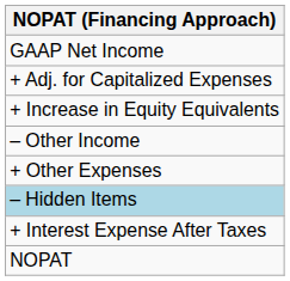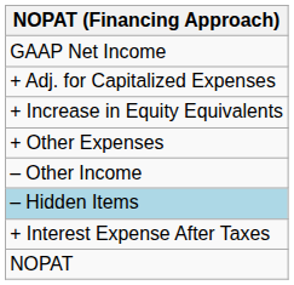 <table class="wikitable">
 <tr>
 <th>NOPAT (Financing Approach)</th>
 </tr>
 <tr>
 <td>GAAP Net Income</td>
 </tr>
 <tr>
 <td>+ Adj. for Capitalized Expenses</td>
 </tr>
 <tr>
 <td>+ Increase in Equity Equivalents</td>
 </tr>
 <tr>
-<td>– Other Income</td>
+<td>+ Other Expenses</td>
 </tr>
 <tr>
-<td>+ Other Expenses</td>
+<td>– Other Income</td>
 </tr>
 <tr>
 <td style="background: lightblue;">– Hidden Items</td>
 </tr>
 <tr>
 <td>+ Interest Expense After Taxes</td>
 </tr>
 <tr>
 <td>NOPAT</td>
 </tr>
 </table>
